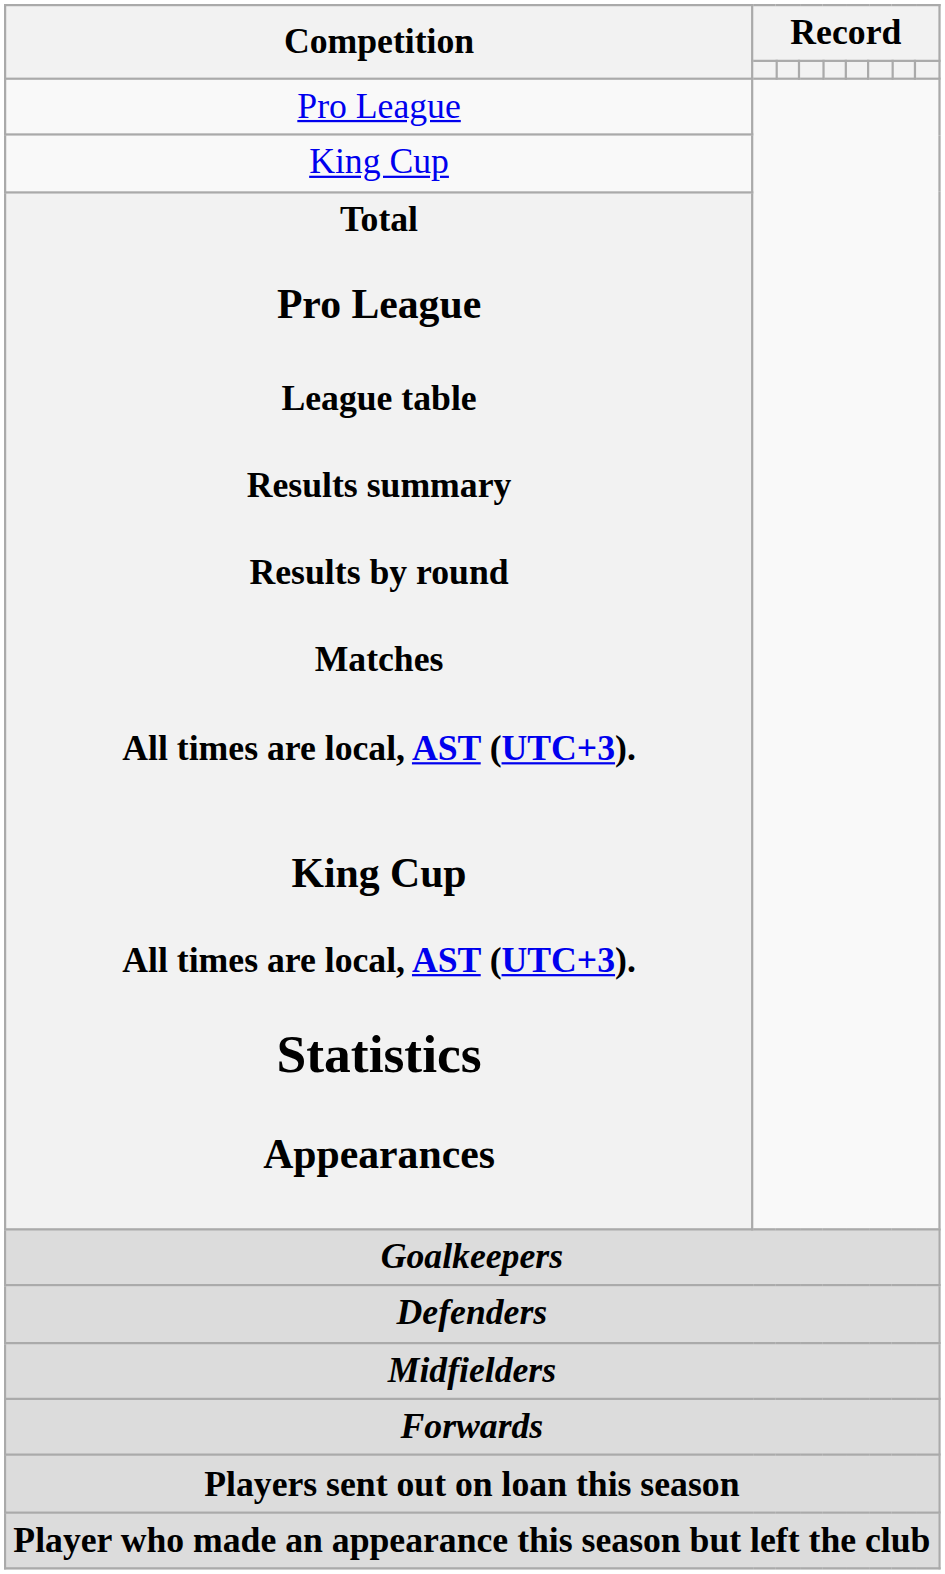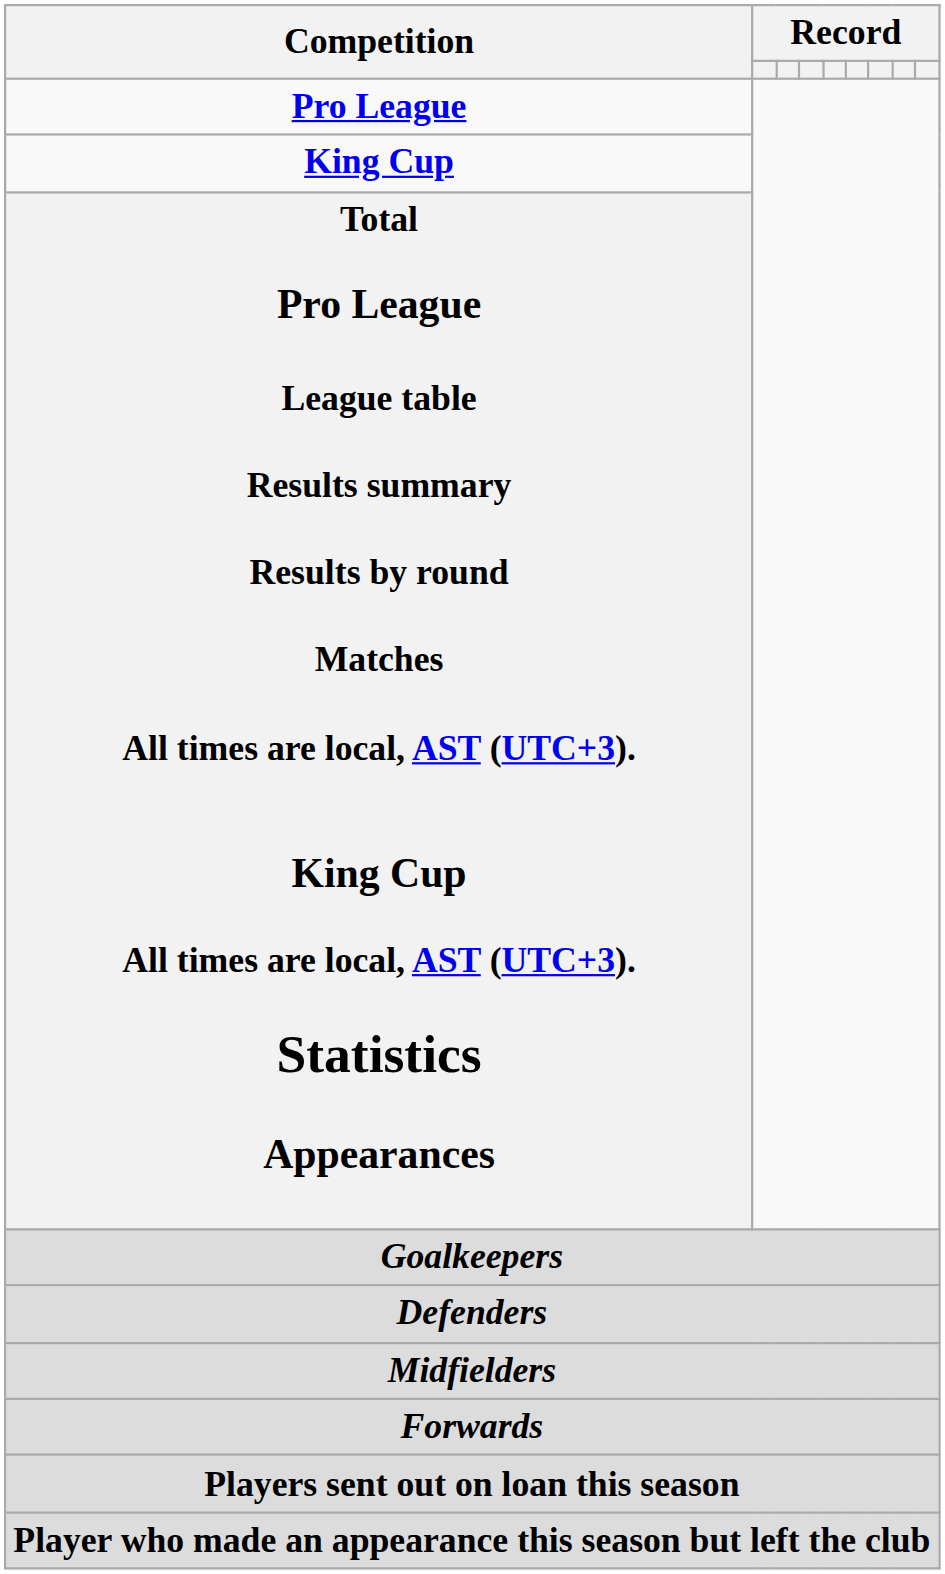 <table class="wikitable" style="text-align: center">
 <tr>
 <th rowspan=2>Competition</th>
 <th colspan=8>Record</th>
 </tr>
 <tr>
 <th></th>
 <th></th>
 <th></th>
 <th></th>
 <th></th>
 <th></th>
 <th></th>
 <th></th>
 </tr>
 <tr>
-<td><a href='#'>Pro League</a><br></td>
+<td><strong><a href='#'>Pro League</a><br></strong></td>
 </tr>
 <tr>
-<td><a href='#'>King Cup</a><br></td>
+<td><strong><a href='#'>King Cup</a><br></strong></td>
 </tr>
 <tr>
 <th>Total<br> <h3>Pro League</h3><h4>League table</h4><h4>Results summary</h4> <h4>Results by round</h4><h4>Matches</h4>All times are local, <a href='#'>AST</a> (<a href='#'>UTC+3</a>).<br>   <br>                                 <h3>King Cup</h3> All times are local, <a href='#'>AST</a> (<a href='#'>UTC+3</a>).<br>   <h2>Statistics</h2><h3>Appearances</h3></th>
 </tr>
 <tr>
 <th colspan=10 style=background:#dcdcdc; text-align:center><em>Goalkeepers</em><br>     </th>
 </tr>
 <tr>
 <th colspan=10 style=background:#dcdcdc; text-align:center><em>Defenders</em><br>         </th>
 </tr>
 <tr>
 <th colspan=10 style=background:#dcdcdc; text-align:center><em>Midfielders</em><br>        </th>
 </tr>
 <tr>
 <th colspan=10 style=background:#dcdcdc; text-align:center><em>Forwards</em><br>       </th>
 </tr>
 <tr>
 <th colspan=16 style=background:#dcdcdc; text-align:center>Players sent out on loan this season<br> </th>
 </tr>
 <tr>
 <th colspan=20 style=background:#dcdcdc; text-align:center>Player who made an appearance this season but left the club<br>  </th>
 </tr>
 </table>
